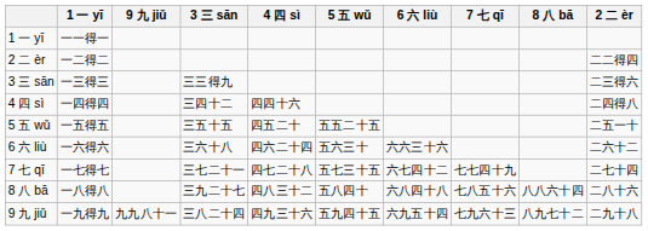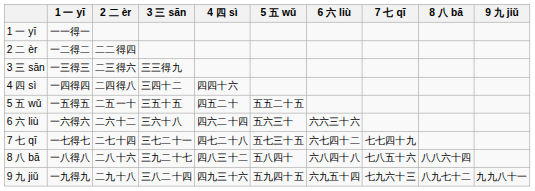 <table class="wikitable">
 <tr>
 <th></th>
 <th>1 一 yī</th>
-<th>9 九 jiǔ</th>
+<th>2 二 èr</th>
 <th>3 三 sān</th>
 <th>4 四 sì</th>
 <th>5 五 wǔ</th>
 <th>6 六 liù</th>
 <th>7 七 qī</th>
 <th>8 八 bā</th>
-<th>2 二 èr</th>
+<th>9 九 jiǔ</th>
 </tr>
 <tr>
 <td>1 一 yī</td>
 <td>一一得一</td>
 <td></td>
 <td></td>
 <td></td>
 <td></td>
 <td></td>
 <td></td>
 <td></td>
 <td></td>
 </tr>
 <tr>
 <td>2 二 èr</td>
 <td>一二得二</td>
+<td>二二得四</td>
 <td></td>
 <td></td>
 <td></td>
 <td></td>
 <td></td>
 <td></td>
 <td></td>
-<td>二二得四</td>
 </tr>
 <tr>
 <td>3 三 sān</td>
 <td>一三得三</td>
-<td></td>
+<td>二三得六</td>
 <td>三三得九</td>
 <td></td>
 <td></td>
 <td></td>
 <td></td>
 <td></td>
-<td>二三得六</td>
+<td></td>
 </tr>
 <tr>
 <td>4 四 sì</td>
 <td>一四得四</td>
-<td></td>
+<td>二四得八</td>
 <td>三四十二</td>
 <td>四四十六</td>
 <td></td>
 <td></td>
 <td></td>
 <td></td>
-<td>二四得八</td>
+<td></td>
 </tr>
 <tr>
 <td>5 五 wǔ</td>
 <td>一五得五</td>
-<td></td>
+<td>二五一十</td>
 <td>三五十五</td>
 <td>四五二十</td>
 <td>五五二十五</td>
 <td></td>
 <td></td>
 <td></td>
-<td>二五一十</td>
+<td></td>
 </tr>
 <tr>
 <td>6 六 liù</td>
 <td>一六得六</td>
-<td></td>
+<td>二六十二</td>
 <td>三六十八</td>
 <td>四六二十四</td>
 <td>五六三十</td>
 <td>六六三十六</td>
 <td></td>
 <td></td>
-<td>二六十二</td>
+<td></td>
 </tr>
 <tr>
 <td>7 七 qī</td>
 <td>一七得七</td>
-<td></td>
+<td>二七十四</td>
 <td>三七二十一</td>
 <td>四七二十八</td>
 <td>五七三十五</td>
 <td>六七四十二</td>
 <td>七七四十九</td>
 <td></td>
-<td>二七十四</td>
+<td></td>
 </tr>
 <tr>
 <td>8 八 bā</td>
 <td>一八得八</td>
-<td></td>
+<td>二八十六</td>
 <td>三九二十七</td>
 <td>四八三十二</td>
 <td>五八四十</td>
 <td>六八四十八</td>
 <td>七八五十六</td>
 <td>八八六十四</td>
-<td>二八十六</td>
+<td></td>
 </tr>
 <tr>
 <td>9 九 jiǔ</td>
 <td>一九得九</td>
-<td>九九八十一</td>
+<td>二九十八</td>
 <td>三八二十四</td>
 <td>四九三十六</td>
 <td>五九四十五</td>
 <td>六九五十四</td>
 <td>七九六十三</td>
 <td>八九七十二</td>
-<td>二九十八</td>
+<td>九九八十一</td>
 </tr>
 </table>
